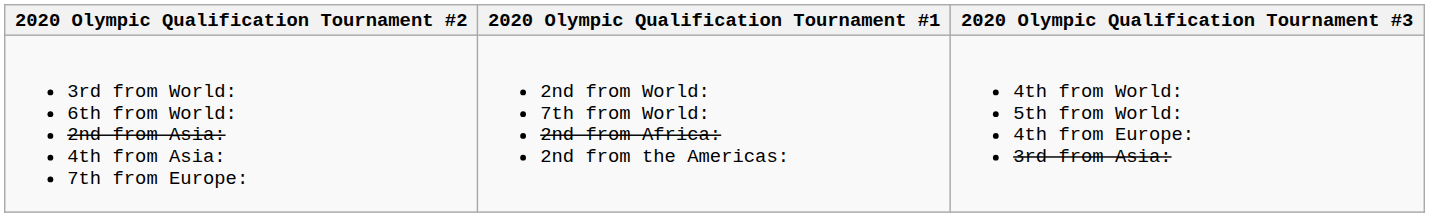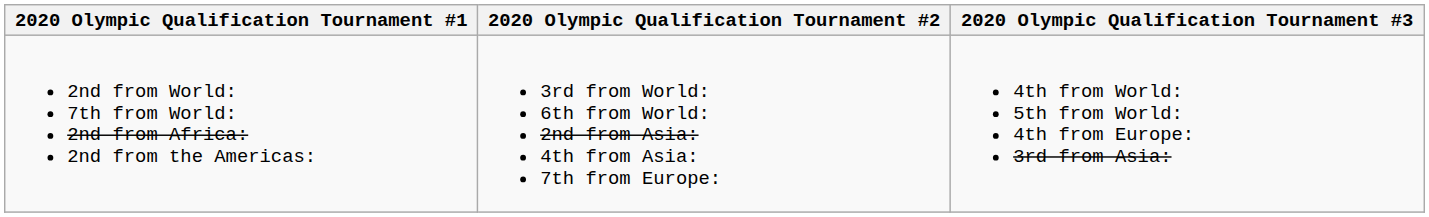 <table class="wikitable">
 <tr>
+<th width=320>2020 Olympic Qualification Tournament #1</th>
 <th width=320>2020 Olympic Qualification Tournament #2</th>
-<th width=320>2020 Olympic Qualification Tournament #1</th>
 <th width=320>2020 Olympic Qualification Tournament #3</th>
 </tr>
 <tr style="vertical-align: top;">
+<td><br><ul><li>2nd from World: </li><li>7th from World: </li><li><s>2nd from Africa: </s></li><li>2nd from the Americas: </li></ul></td>
 <td><br><ul><li>3rd from World: </li><li>6th from World: </li><li><s>2nd from Asia: </s></li><li>4th from Asia: </li><li>7th from Europe: </li></ul></td>
-<td><br><ul><li>2nd from World: </li><li>7th from World: </li><li><s>2nd from Africa: </s></li><li>2nd from the Americas: </li></ul></td>
 <td><br><ul><li>4th from World: </li><li>5th from World: </li><li>4th from Europe: </li><li><s>3rd from Asia: </s></li></ul></td>
 </tr>
 </table>
